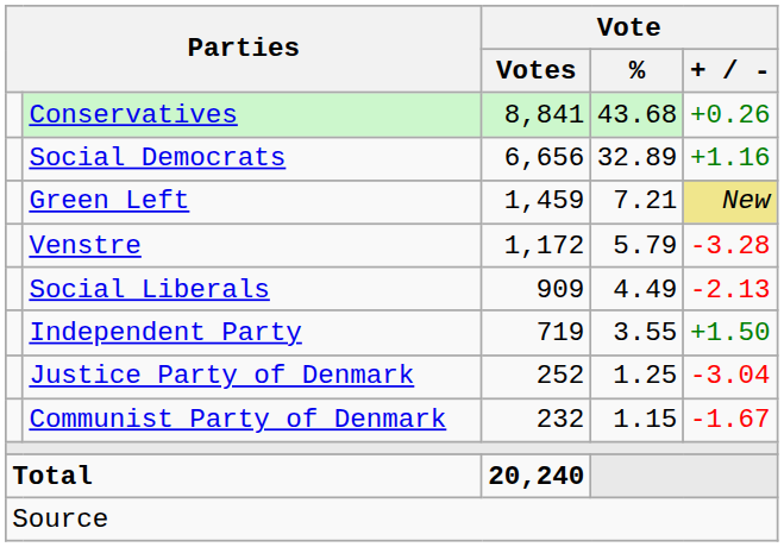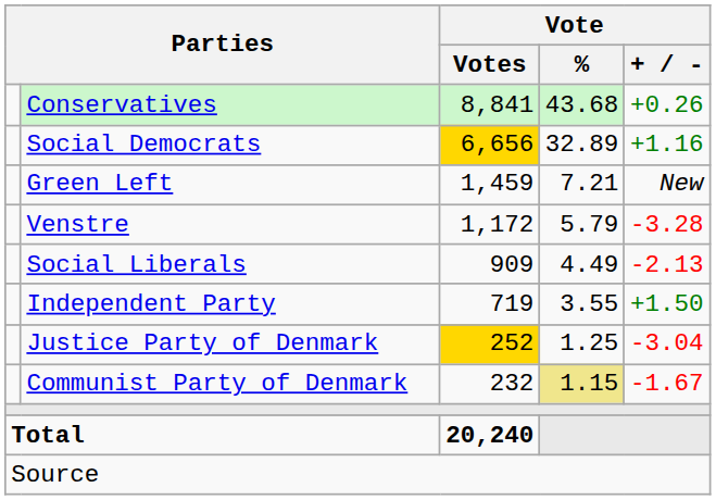 <table class="wikitable" style="text-align:right;">
 <tr>
 <th style="text-align:centre;" rowspan="2" colspan="2" width="225">Parties</th>
 <th colspan="3">Vote</th>
 </tr>
 <tr>
 <th width="15">Votes</th>
 <th width="15">%</th>
 <th width="15">+ / -</th>
 </tr>
 <tr>
 <td width="2" style="color:inherit;background:"></td>
 <td bgcolor=#ccf7cc  align="left"><a href='#'>Conservatives</a></td>
 <td bgcolor=#ccf7cc>8,841</td>
 <td bgcolor=#ccf7cc>43.68</td>
 <td style=color:green;>+0.26</td>
 </tr>
 <tr>
 <td width="2" style="color:inherit;background:"></td>
 <td align="left"><a href='#'>Social Democrats</a></td>
-<td>6,656</td>
+<td style="background: gold;">6,656</td>
 <td>32.89</td>
 <td style=color:green;>+1.16</td>
 </tr>
 <tr>
 <td width="2" style="color:inherit;background:"></td>
 <td align="left"><a href='#'>Green Left</a></td>
 <td>1,459</td>
 <td>7.21</td>
-<td style="background: khaki;"><em>New</em></td>
+<td><em>New</em></td>
 </tr>
 <tr>
 <td width="2" style="color:inherit;background:"></td>
 <td align="left"><a href='#'>Venstre</a></td>
 <td>1,172</td>
 <td>5.79</td>
 <td style=color:red;>-3.28</td>
 </tr>
 <tr>
 <td width="2" style="color:inherit;background:"></td>
 <td align="left"><a href='#'>Social Liberals</a></td>
 <td>909</td>
 <td>4.49</td>
 <td style=color:red;>-2.13</td>
 </tr>
 <tr>
 <td width="2" style="color:inherit;background:"></td>
 <td align="left"><a href='#'>Independent Party</a></td>
 <td>719</td>
 <td>3.55</td>
 <td style=color:green;>+1.50</td>
 </tr>
 <tr>
 <td width="2" style="color:inherit;background:"></td>
 <td align="left"><a href='#'>Justice Party of Denmark</a></td>
-<td>252</td>
+<td style="background: gold;">252</td>
 <td>1.25</td>
 <td style=color:red;>-3.04</td>
 </tr>
 <tr>
 <td width="2" style="color:inherit;background:"></td>
 <td align="left"><a href='#'>Communist Party of Denmark</a></td>
 <td>232</td>
-<td>1.15</td>
+<td style="background: khaki;">1.15</td>
 <td style=color:red;>-1.67</td>
 </tr>
 <tr>
 <td colspan="7" bgcolor="#E9E9E9"></td>
 </tr>
 <tr>
 <td align="left" colspan="2"><strong>Total</strong></td>
 <td><strong>20,240</strong></td>
 <td bgcolor="#E9E9E9" colspan="2"></td>
 </tr>
 <tr>
 <td align="left" colspan="6">Source</td>
 </tr>
 </table>
